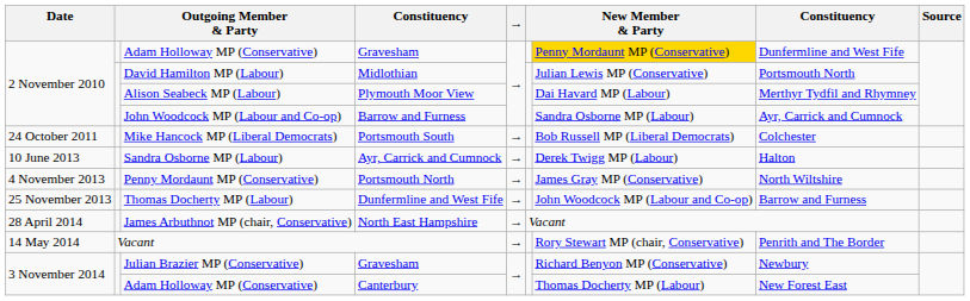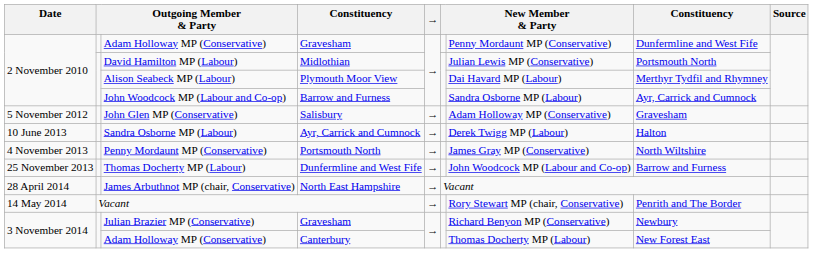 <table class="wikitable">
 <tr>
 <th valign="top">Date</th>
 <th colspan="2" valign="top">Outgoing Member<br>& Party</th>
 <th valign="top">Constituency</th>
 <th>→</th>
 <th colspan="2" valign="top">New Member<br>& Party</th>
 <th valign="top">Constituency</th>
 <th valign="top">Source</th>
 </tr>
 <tr>
 <td rowspan=4>2 November 2010</td>
 <td style="color:inherit;background:"></td>
 <td><a href='#'>Adam Holloway</a> MP (<a href='#'>Conservative</a>)</td>
 <td><a href='#'>Gravesham</a></td>
 <td rowspan=4>→</td>
 <td style="color:inherit;background:"></td>
-<td style="background: gold;"><a href='#'>Penny Mordaunt</a> MP (<a href='#'>Conservative</a>)</td>
+<td><a href='#'>Penny Mordaunt</a> MP (<a href='#'>Conservative</a>)</td>
 <td><a href='#'>Dunfermline and West Fife</a></td>
 <td rowspan=4></td>
 </tr>
 <tr>
 <td rowspan=3 style="color:inherit;background:"></td>
 <td><a href='#'>David Hamilton</a> MP (<a href='#'>Labour</a>)</td>
 <td><a href='#'>Midlothian</a></td>
 <td rowspan=3 style="color:inherit;background:"></td>
 <td><a href='#'>Julian Lewis</a> MP (<a href='#'>Conservative</a>)</td>
 <td><a href='#'>Portsmouth North</a></td>
 </tr>
 <tr>
 <td><a href='#'>Alison Seabeck</a> MP (<a href='#'>Labour</a>)</td>
 <td><a href='#'>Plymouth Moor View</a></td>
 <td><a href='#'>Dai Havard</a> MP (<a href='#'>Labour</a>)</td>
 <td><a href='#'>Merthyr Tydfil and Rhymney</a></td>
 </tr>
 <tr>
 <td><a href='#'>John Woodcock</a> MP (<a href='#'>Labour and Co-op</a>)</td>
 <td><a href='#'>Barrow and Furness</a></td>
 <td><a href='#'>Sandra Osborne</a> MP (<a href='#'>Labour</a>)</td>
 <td><a href='#'>Ayr, Carrick and Cumnock</a></td>
 </tr>
 <tr>
-<td>24 October 2011</td>
+<td>5 November 2012</td>
 <td style="color:inherit;background:"></td>
-<td><a href='#'>Mike Hancock</a> MP (<a href='#'>Liberal Democrats</a>)</td>
-<td><a href='#'>Portsmouth South</a></td>
+<td><a href='#'>John Glen</a> MP (<a href='#'>Conservative</a>)</td>
+<td><a href='#'>Salisbury</a></td>
 <td>→</td>
 <td style="color:inherit;background:"></td>
-<td><a href='#'>Bob Russell</a> MP (<a href='#'>Liberal Democrats</a>)</td>
-<td><a href='#'>Colchester</a></td>
+<td><a href='#'>Adam Holloway</a> MP (<a href='#'>Conservative</a>)</td>
+<td><a href='#'>Gravesham</a></td>
 <td></td>
 </tr>
 <tr>
 <td>10 June 2013</td>
 <td style="color:inherit;background:"></td>
 <td><a href='#'>Sandra Osborne</a> MP (<a href='#'>Labour</a>)</td>
 <td><a href='#'>Ayr, Carrick and Cumnock</a></td>
 <td>→</td>
 <td style="color:inherit;background:"></td>
 <td><a href='#'>Derek Twigg</a> MP (<a href='#'>Labour</a>)</td>
 <td><a href='#'>Halton</a></td>
 <td></td>
 </tr>
 <tr>
 <td>4 November 2013</td>
 <td style="color:inherit;background:"></td>
 <td><a href='#'>Penny Mordaunt</a> MP (<a href='#'>Conservative</a>)</td>
 <td><a href='#'>Portsmouth North</a></td>
 <td>→</td>
 <td style="color:inherit;background:"></td>
 <td><a href='#'>James Gray</a> MP (<a href='#'>Conservative</a>)</td>
 <td><a href='#'>North Wiltshire</a></td>
 <td></td>
 </tr>
 <tr>
 <td>25 November 2013</td>
 <td style="color:inherit;background:"></td>
 <td><a href='#'>Thomas Docherty</a> MP (<a href='#'>Labour</a>)</td>
 <td><a href='#'>Dunfermline and West Fife</a></td>
 <td>→</td>
 <td style="color:inherit;background:"></td>
 <td><a href='#'>John Woodcock</a> MP (<a href='#'>Labour and Co-op</a>)</td>
 <td><a href='#'>Barrow and Furness</a></td>
 <td></td>
 </tr>
 <tr>
 <td>28 April 2014</td>
 <td style="color:inherit;background:"></td>
 <td><a href='#'>James Arbuthnot</a> MP (chair, <a href='#'>Conservative</a>)</td>
 <td><a href='#'>North East Hampshire</a></td>
 <td>→</td>
 <td colspan=3><em>Vacant</em></td>
 <td></td>
 </tr>
 <tr>
 <td>14 May 2014</td>
 <td colspan=3><em>Vacant</em></td>
 <td>→</td>
 <td style="color:inherit;background:"></td>
 <td><a href='#'>Rory Stewart</a> MP (chair, <a href='#'>Conservative</a>)</td>
 <td><a href='#'>Penrith and The Border</a></td>
 <td></td>
 </tr>
 <tr>
 <td rowspan=2>3 November 2014</td>
 <td rowspan=2 style="color:inherit;background:"></td>
 <td><a href='#'>Julian Brazier</a> MP (<a href='#'>Conservative</a>)</td>
 <td><a href='#'>Gravesham</a></td>
 <td rowspan=2>→</td>
 <td rowspan=2 style="color:inherit;background:"></td>
 <td><a href='#'>Richard Benyon</a> MP (<a href='#'>Conservative</a>)</td>
 <td><a href='#'>Newbury</a></td>
 <td rowspan=2></td>
 </tr>
 <tr>
 <td><a href='#'>Adam Holloway</a> MP (<a href='#'>Conservative</a>)</td>
 <td><a href='#'>Canterbury</a></td>
 <td><a href='#'>Thomas Docherty</a> MP (<a href='#'>Labour</a>)</td>
 <td><a href='#'>New Forest East</a></td>
 </tr>
 </table>
